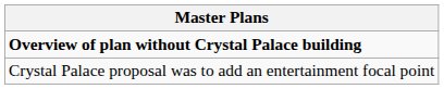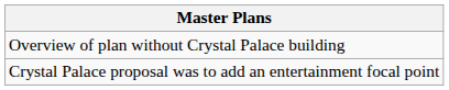 <table class="wikitable">
 <tr>
 <th>Master Plans</th>
 </tr>
 <tr>
-<td><strong>Overview of plan without Crystal Palace building</strong></td>
+<td>Overview of plan without Crystal Palace building</td>
 </tr>
 <tr>
 <td>Crystal Palace proposal was to add an entertainment focal point</td>
 </tr>
 </table>
